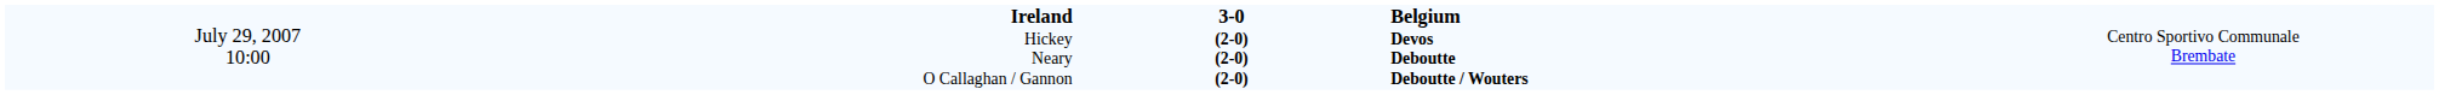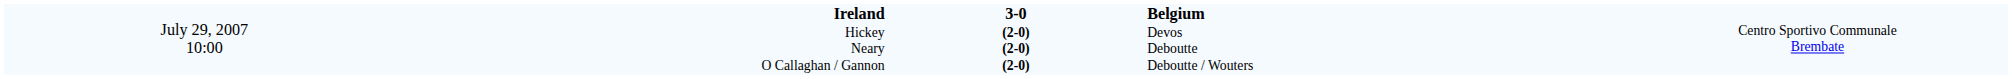 <table style="width: 100%; background:#F5FAFF;" cellspacing="0">
 <tr>
 <td align=center rowspan=3 width=20%>July 29, 2007<br>10:00</td>
 </tr>
 <tr>
 <td width=24% align=right><strong>Ireland</strong></td>
 <td align=center width=13%><strong>3-0</strong></td>
 <td width=24%><strong>Belgium</strong></td>
 <td style=font-size:85% rowspan=3 valign=middle align=center>Centro Sportivo Communale<br><a href='#'>Brembate</a></td>
 </tr>
 <tr style=font-size:85%>
 <td align=right valign=top>Hickey<br>Neary<br>O Callaghan / Gannon</td>
 <td align=center><strong>(2-0)<br>(2-0)<br>(2-0)</strong></td>
-<td><strong>Devos<br>Deboutte<br>Deboutte / Wouters</strong></td>
+<td>Devos<br>Deboutte<br>Deboutte / Wouters</td>
 </tr>
 </table>
